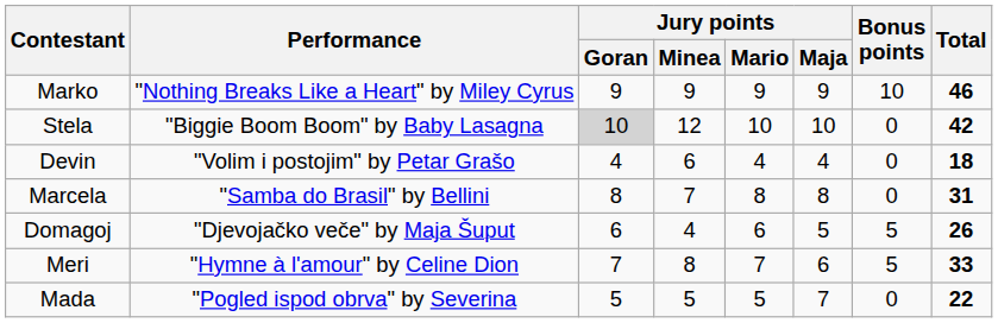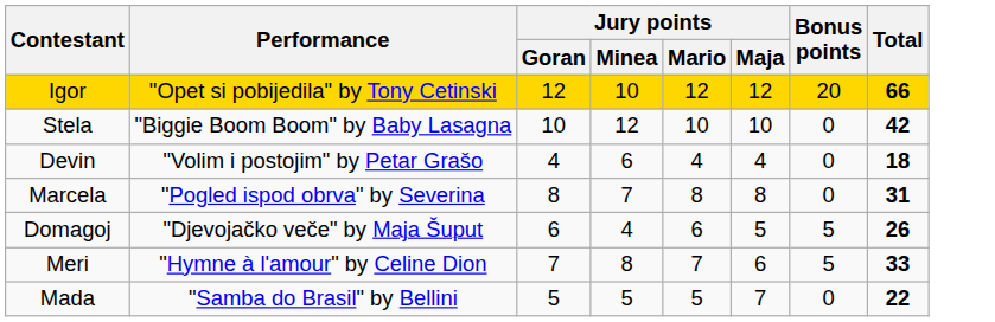 <table class="wikitable sortable" style="text-align: center;">
 <tr>
 <th rowspan="2">Contestant</th>
 <th rowspan="2">Performance</th>
 <th colspan="4">Jury points</th>
 <th rowspan="2">Bonus<br>points</th>
 <th rowspan="2">Total</th>
 </tr>
 <tr>
 <th>Goran</th>
 <th>Minea</th>
 <th>Mario</th>
 <th>Maja</th>
 </tr>
-<tr>
-<td>Marko</td>
-<td>"<a href='#'>Nothing Breaks Like a Heart</a>" by <a href='#'>Miley Cyrus</a></td>
-<td>9</td>
-<td>9</td>
-<td>9</td>
-<td>9</td>
+<tr style="background-color:gold;">
+<td>Igor</td>
+<td>"Opet si pobijedila" by <a href='#'>Tony Cetinski</a></td>
+<td>12</td>
 <td>10</td>
-<td><strong>46</strong></td>
+<td>12</td>
+<td>12</td>
+<td>20</td>
+<td><strong>66</strong></td>
 </tr>
 <tr>
 <td>Stela</td>
 <td>"Biggie Boom Boom" by <a href='#'>Baby Lasagna</a></td>
-<td style="background: lightgrey;">10</td>
+<td>10</td>
 <td>12</td>
 <td>10</td>
 <td>10</td>
 <td>0</td>
 <td><strong>42</strong></td>
 </tr>
 <tr>
 <td>Devin</td>
 <td>"Volim i postojim" by <a href='#'>Petar Grašo</a></td>
 <td>4</td>
 <td>6</td>
 <td>4</td>
 <td>4</td>
 <td>0</td>
 <td><strong>18</strong></td>
 </tr>
 <tr>
 <td>Marcela</td>
-<td>"<a href='#'>Samba do Brasil</a>" by <a href='#'>Bellini</a></td>
+<td>"<a href='#'>Pogled ispod obrva</a>" by <a href='#'>Severina</a></td>
 <td>8</td>
 <td>7</td>
 <td>8</td>
 <td>8</td>
 <td>0</td>
 <td><strong>31</strong></td>
 </tr>
 <tr>
 <td>Domagoj</td>
 <td>"Djevojačko veče" by <a href='#'>Maja Šuput</a></td>
 <td>6</td>
 <td>4</td>
 <td>6</td>
 <td>5</td>
 <td>5</td>
 <td><strong>26</strong></td>
 </tr>
 <tr>
 <td>Meri</td>
 <td>"<a href='#'>Hymne à l'amour</a>" by <a href='#'>Celine Dion</a></td>
 <td>7</td>
 <td>8</td>
 <td>7</td>
 <td>6</td>
 <td>5</td>
 <td><strong>33</strong></td>
 </tr>
 <tr>
 <td>Mada</td>
-<td>"<a href='#'>Pogled ispod obrva</a>" by <a href='#'>Severina</a></td>
+<td>"<a href='#'>Samba do Brasil</a>" by <a href='#'>Bellini</a></td>
 <td>5</td>
 <td>5</td>
 <td>5</td>
 <td>7</td>
 <td>0</td>
 <td><strong>22</strong></td>
 </tr>
 </table>
